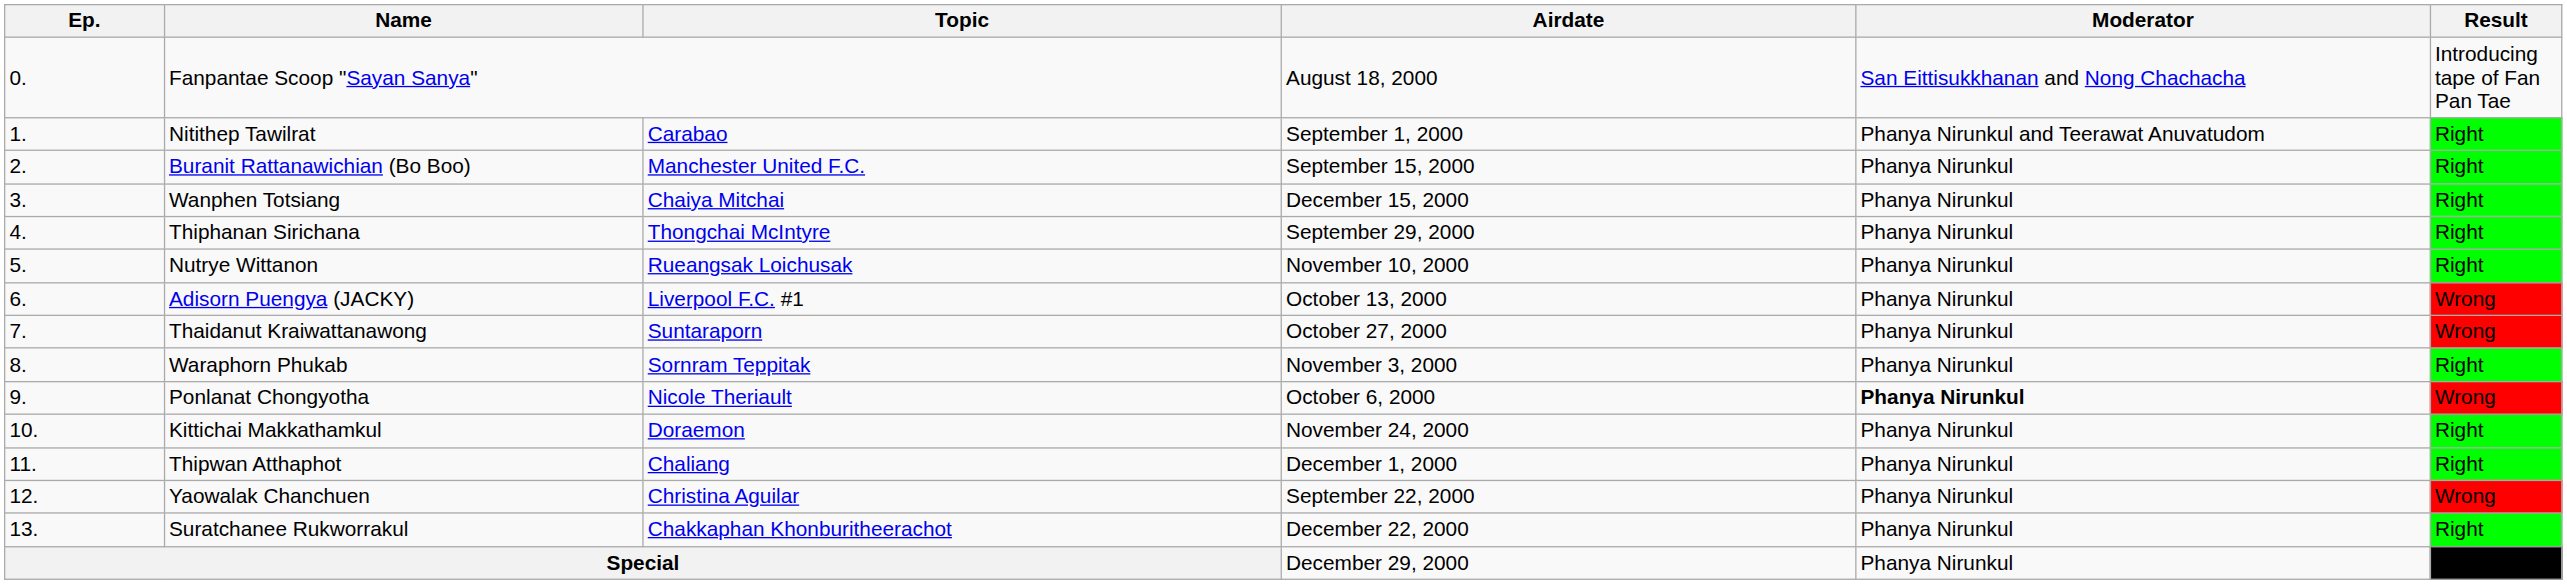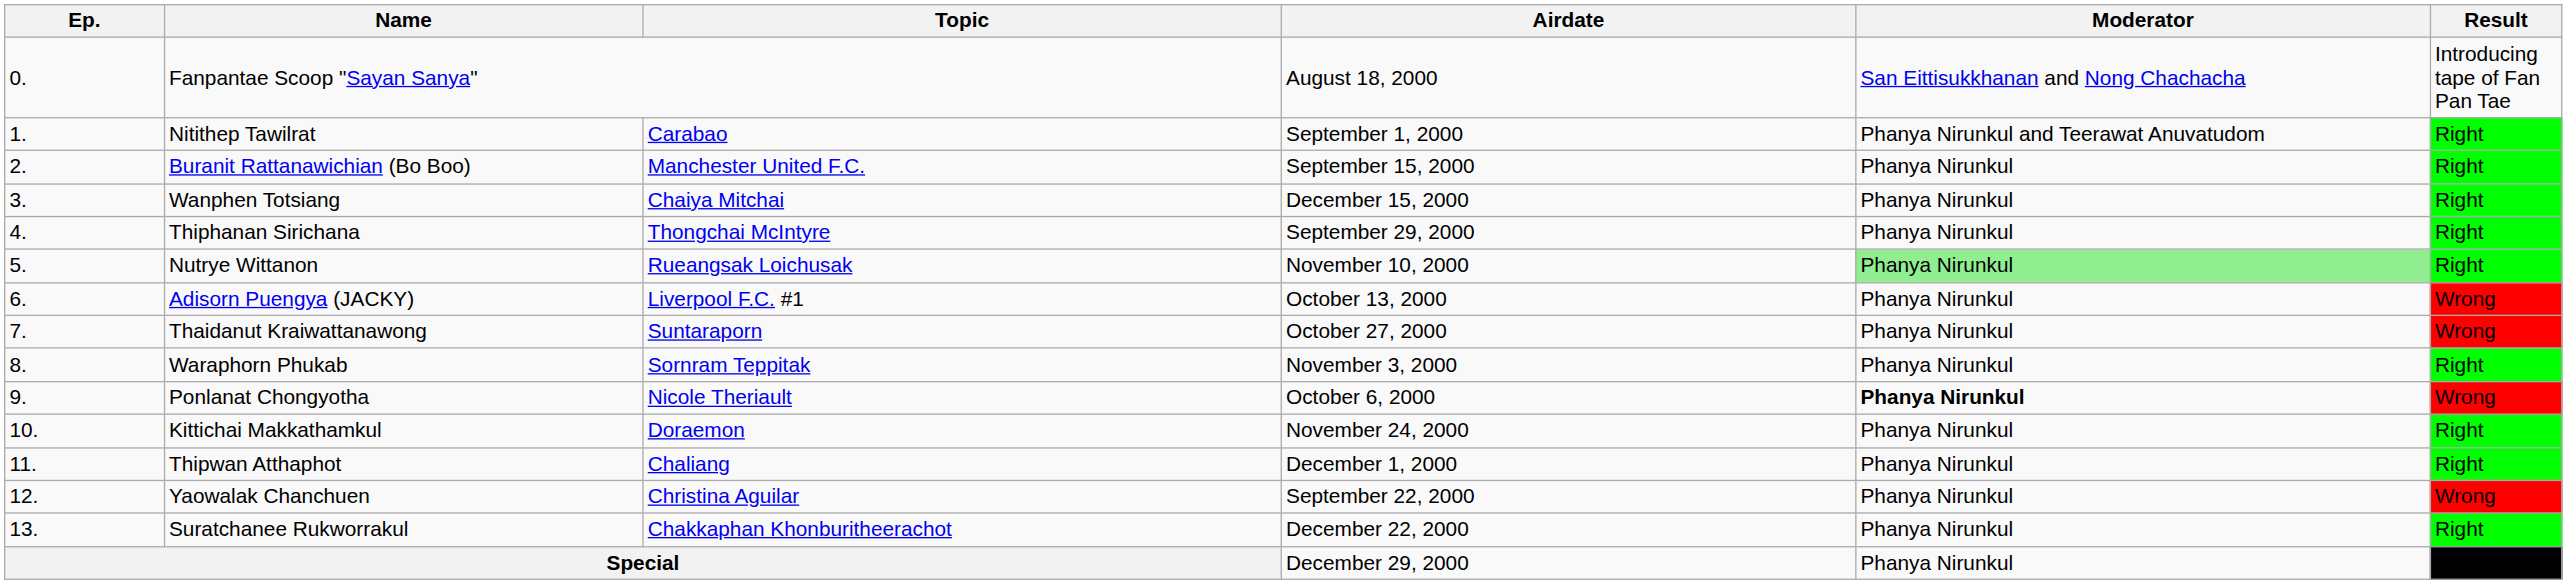 <table class="wikitable sortable" ="font-size:100%; width: 66%; text-align: center; ">
 <tr>
 <th rowspan=1 width=5%><strong>Ep.</strong></th>
 <th rowspan=1 width=15%><strong>Name</strong></th>
 <th rowspan=1 width=20%><strong>Topic</strong></th>
 <th rowspan=1 width=18%><strong>Airdate</strong></th>
 <th rowspan=1 width=18%><strong>Moderator</strong></th>
 <th !rowspan=1 width=3%><strong>Result</strong></th>
 </tr>
 <tr>
 <td>0.</td>
 <td colspan=2>Fanpantae Scoop "<a href='#'>Sayan Sanya</a>"</td>
 <td>August 18, 2000</td>
 <td><a href='#'>San Eittisukkhanan</a> and <a href='#'>Nong Chachacha</a></td>
 <td>Introducing tape of Fan Pan Tae</td>
 </tr>
 <tr>
 <td>1.</td>
 <td>Nitithep Tawilrat</td>
 <td><a href='#'>Carabao</a></td>
 <td>September 1, 2000</td>
 <td>Phanya Nirunkul and Teerawat Anuvatudom</td>
 <td style="background:#00ff00;">Right</td>
 </tr>
 <tr>
 <td>2.</td>
 <td><a href='#'>Buranit Rattanawichian</a> (Bo Boo)</td>
 <td><a href='#'>Manchester United F.C.</a></td>
 <td>September 15, 2000</td>
 <td>Phanya Nirunkul</td>
 <td style="background:#00ff00;">Right</td>
 </tr>
 <tr>
 <td>3.</td>
 <td>Wanphen Totsiang</td>
 <td><a href='#'>Chaiya Mitchai</a></td>
 <td>December 15, 2000</td>
 <td>Phanya Nirunkul</td>
 <td style="background:#00ff00;">Right</td>
 </tr>
 <tr>
 <td>4.</td>
 <td>Thiphanan Sirichana</td>
 <td><a href='#'>Thongchai McIntyre</a></td>
 <td>September 29, 2000</td>
 <td>Phanya Nirunkul</td>
 <td style="background:#00ff00;">Right</td>
 </tr>
 <tr>
 <td>5.</td>
 <td>Nutrye Wittanon</td>
 <td><a href='#'>Rueangsak Loichusak</a></td>
 <td>November 10, 2000</td>
-<td>Phanya Nirunkul</td>
+<td style="background: lightgreen;">Phanya Nirunkul</td>
 <td style="background:#00ff00;">Right</td>
 </tr>
 <tr>
 <td>6.</td>
 <td><a href='#'>Adisorn Puengya</a> (JACKY)</td>
 <td><a href='#'>Liverpool F.C.</a> #1</td>
 <td>October 13, 2000</td>
 <td>Phanya Nirunkul</td>
 <td style="background:#ff0000;">Wrong</td>
 </tr>
 <tr>
 <td>7.</td>
 <td>Thaidanut Kraiwattanawong</td>
 <td><a href='#'>Suntaraporn</a></td>
 <td>October 27, 2000</td>
 <td>Phanya Nirunkul</td>
 <td style="background:#ff0000;">Wrong</td>
 </tr>
 <tr>
 <td>8.</td>
 <td>Waraphorn  Phukab</td>
 <td><a href='#'>Sornram Teppitak</a></td>
 <td>November 3, 2000</td>
 <td>Phanya Nirunkul</td>
 <td style="background:#00ff00;">Right</td>
 </tr>
 <tr>
 <td>9.</td>
 <td>Ponlanat Chongyotha</td>
 <td><a href='#'>Nicole Theriault</a></td>
 <td>October 6, 2000</td>
 <td><strong>Phanya Nirunkul</strong></td>
 <td style="background:#ff0000;">Wrong</td>
 </tr>
 <tr>
 <td>10.</td>
 <td>Kittichai Makkathamkul</td>
 <td><a href='#'>Doraemon</a></td>
 <td>November 24, 2000</td>
 <td>Phanya Nirunkul</td>
 <td style="background:#00ff00;">Right</td>
 </tr>
 <tr>
 <td>11.</td>
 <td>Thipwan  Atthaphot</td>
 <td><a href='#'>Chaliang</a></td>
 <td>December 1, 2000</td>
 <td>Phanya Nirunkul</td>
 <td style="background:#00ff00;">Right</td>
 </tr>
 <tr>
 <td>12.</td>
 <td>Yaowalak Chanchuen</td>
 <td><a href='#'>Christina Aguilar</a></td>
 <td>September 22, 2000</td>
 <td>Phanya Nirunkul</td>
 <td style="background:#ff0000;">Wrong</td>
 </tr>
 <tr>
 <td>13.</td>
 <td>Suratchanee  Rukworrakul</td>
 <td><a href='#'>Chakkaphan Khonburitheerachot</a></td>
 <td>December 22, 2000</td>
 <td>Phanya Nirunkul</td>
 <td style="background:#00ff00;">Right</td>
 </tr>
 <tr>
 <th colspan=3>Special</th>
 <td>December 29, 2000</td>
 <td>Phanya Nirunkul</td>
 <td style="background:#000000;"></td>
 </tr>
 </table>
